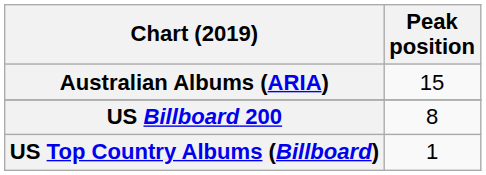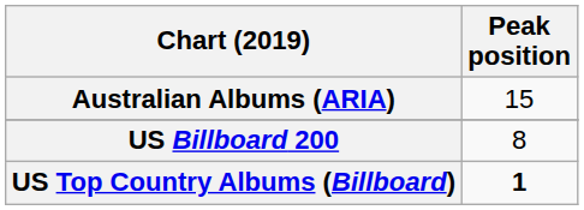 <table class="wikitable sortable plainrowheaders" style="text-align:center">
 <tr>
 <th scope="col">Chart (2019)</th>
 <th scope="col">Peak<br>position</th>
 </tr>
 <tr>
 <th scope="row">Australian Albums (<a href='#'>ARIA</a>)</th>
 <td>15</td>
 </tr>
 <tr>
 </tr>
 <tr>
 <th scope="row">US <a href='#'><em>Billboard</em> 200</a></th>
 <td>8</td>
 </tr>
 <tr>
 <th scope="row">US <a href='#'>Top Country Albums</a> (<em><a href='#'>Billboard</a></em>)</th>
-<td>1</td>
+<td><strong>1</strong></td>
 </tr>
 </table>
